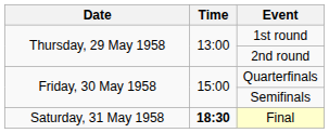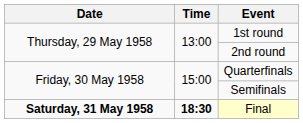 <table class = "wikitable" style="text-align:center;">
 <tr>
 <th width=220>Date</th>
 <th width=50>Time</th>
 <th width=100>Event</th>
 </tr>
 <tr>
 <td rowspan=2>Thursday, 29 May 1958</td>
 <td rowspan=2>13:00</td>
 <td>1st round</td>
 </tr>
 <tr>
 <td>2nd round</td>
 </tr>
 <tr>
 <td rowspan=2>Friday, 30 May 1958</td>
 <td rowspan=2>15:00</td>
 <td>Quarterfinals</td>
 </tr>
 <tr>
 <td>Semifinals</td>
 </tr>
 <tr>
-<td>Saturday, 31 May 1958</td>
+<td><strong>Saturday, 31 May 1958</strong></td>
 <td><strong>18:30</strong></td>
 <td bgcolor=ffffcc>Final</td>
 </tr>
 </table>
